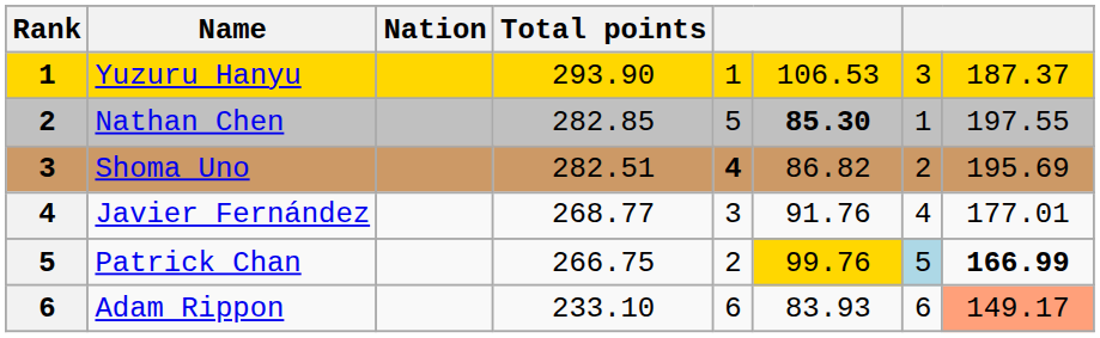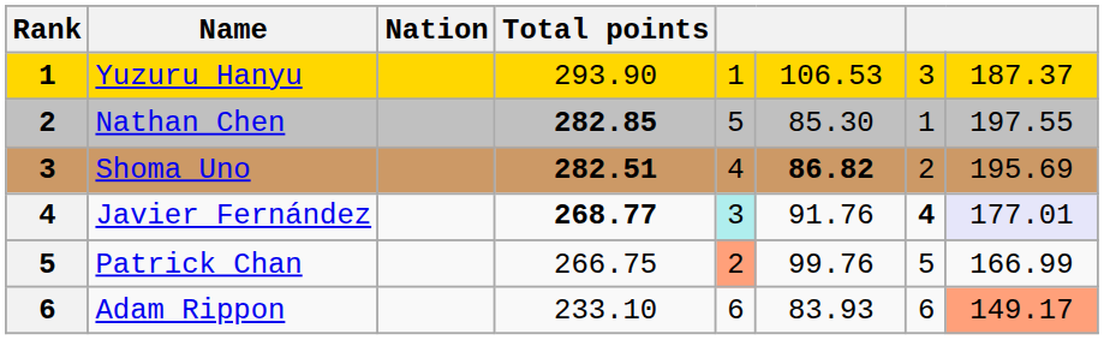 <table class="wikitable sortable">
 <tr>
 <th>Rank</th>
 <th>Name</th>
 <th>Nation</th>
 <th>Total points</th>
 <th colspan="2" width="80px"></th>
 <th colspan="2" width="80px"></th>
 </tr>
 <tr bgcolor="gold">
 <td align="center"><strong>1</strong></td>
 <td><a href='#'>Yuzuru Hanyu</a></td>
 <td></td>
 <td align="center">293.90</td>
 <td align="center">1</td>
 <td align="center">106.53</td>
 <td align="center">3</td>
 <td align="center">187.37</td>
 </tr>
 <tr bgcolor="silver">
 <td align="center"><strong>2</strong></td>
 <td><a href='#'>Nathan Chen</a></td>
 <td></td>
-<td align="center">282.85</td>
+<td align="center"><strong>282.85</strong></td>
 <td align="center">5</td>
-<td align="center"><strong>85.30</strong></td>
+<td align="center">85.30</td>
 <td align="center">1</td>
 <td align="center">197.55</td>
 </tr>
 <tr bgcolor="cc9966">
 <td align="center"><strong>3</strong></td>
 <td><a href='#'>Shoma Uno</a></td>
 <td></td>
-<td align="center">282.51</td>
-<td align="center"><strong>4</strong></td>
-<td align="center">86.82</td>
+<td align="center"><strong>282.51</strong></td>
+<td align="center">4</td>
+<td align="center"><strong>86.82</strong></td>
 <td align="center">2</td>
 <td align="center">195.69</td>
 </tr>
 <tr>
 <th>4</th>
 <td><a href='#'>Javier Fernández</a></td>
 <td></td>
-<td align="center">268.77</td>
-<td align="center">3</td>
+<td align="center"><strong>268.77</strong></td>
+<td align="center" style="background: paleturquoise;">3</td>
 <td align="center">91.76</td>
-<td align="center">4</td>
-<td align="center">177.01</td>
+<td align="center"><strong>4</strong></td>
+<td align="center" style="background: lavender;">177.01</td>
 </tr>
 <tr>
 <th>5</th>
 <td><a href='#'>Patrick Chan</a></td>
 <td></td>
 <td align="center">266.75</td>
-<td align="center">2</td>
-<td align="center" style="background: gold;">99.76</td>
-<td align="center" style="background: lightblue;">5</td>
-<td align="center"><strong>166.99</strong></td>
+<td align="center" style="background: lightsalmon;">2</td>
+<td align="center">99.76</td>
+<td align="center">5</td>
+<td align="center">166.99</td>
 </tr>
 <tr>
 <th>6</th>
 <td><a href='#'>Adam Rippon</a></td>
 <td></td>
 <td align="center">233.10</td>
 <td align="center">6</td>
 <td align="center">83.93</td>
 <td align="center">6</td>
 <td align="center" style="background: lightsalmon;">149.17</td>
 </tr>
 </table>
